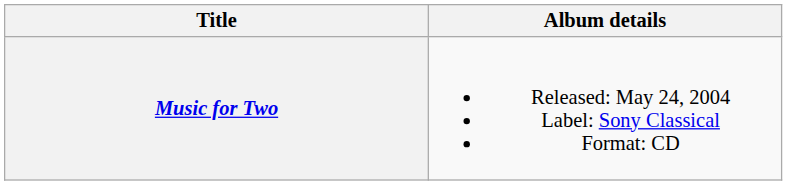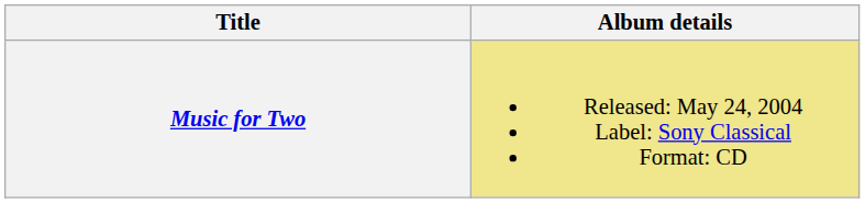 <table class="wikitable plainrowheaders" style="text-align:center;">
 <tr>
 <th scope="col" rowspan="1" style="width:24em;">Title</th>
 <th scope="col" rowspan="1" style="width:19em;">Album details</th>
 </tr>
 <tr>
 <th scope="row"><em><a href='#'>Music for Two</a></em><br> </th>
-<td><br><ul><li>Released: May 24, 2004</li><li>Label: <a href='#'>Sony Classical</a></li><li>Format: CD</li></ul></td>
+<td style="background: khaki;"><br><ul><li>Released: May 24, 2004</li><li>Label: <a href='#'>Sony Classical</a></li><li>Format: CD</li></ul></td>
 </tr>
 </table>
